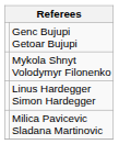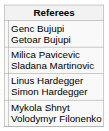 <table class="wikitable" style="display: inline-table;">
 <tr>
 <th colspan="2">Referees</th>
 </tr>
 <tr>
 <td></td>
 <td>Genc Bujupi<br>Getoar Bujupi</td>
 </tr>
 <tr>
 <td></td>
-<td>Mykola Shnyt<br>Volodymyr Filonenko</td>
+<td>Milica Pavicevic<br>Sladana Martinovic</td>
 </tr>
 <tr>
 <td></td>
 <td>Linus Hardegger<br>Simon Hardegger</td>
 </tr>
 <tr>
 <td></td>
-<td>Milica Pavicevic<br>Sladana Martinovic</td>
+<td>Mykola Shnyt<br>Volodymyr Filonenko</td>
 </tr>
 <tr>
 </tr>
 </table>
